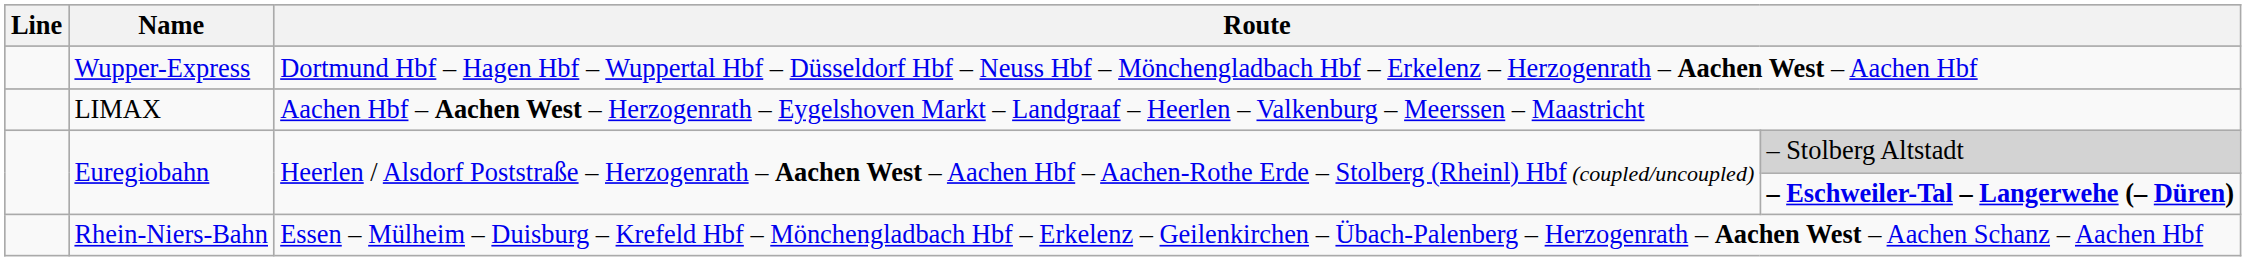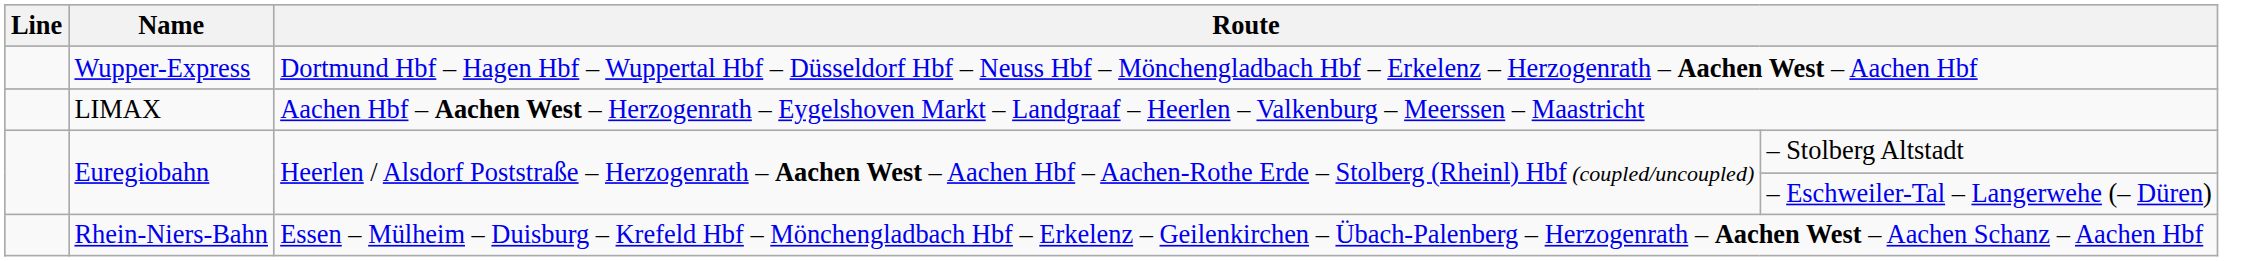 <table class="wikitable">
 <tr>
 <th>Line</th>
 <th>Name</th>
 <th colspan="3">Route</th>
 </tr>
 <tr>
 <td></td>
 <td><a href='#'>Wupper-Express</a></td>
 <td colspan="2"><a href='#'>Dortmund Hbf</a> – <a href='#'>Hagen Hbf</a> – <a href='#'>Wuppertal Hbf</a> – <a href='#'>Düsseldorf Hbf</a> – <a href='#'>Neuss Hbf</a> – <a href='#'>Mönchengladbach Hbf</a> – <a href='#'>Erkelenz</a> – <a href='#'>Herzogenrath</a> – <strong>Aachen West</strong> – <a href='#'>Aachen Hbf</a></td>
 </tr>
 <tr>
 <td></td>
 <td>LIMAX</td>
 <td colspan="2"><a href='#'>Aachen Hbf</a> – <strong>Aachen West</strong> – <a href='#'>Herzogenrath</a> – <a href='#'>Eygelshoven Markt</a> – <a href='#'>Landgraaf</a> – <a href='#'>Heerlen</a> – <a href='#'>Valkenburg</a> – <a href='#'>Meerssen</a> – <a href='#'>Maastricht</a></td>
 </tr>
 <tr>
 <td rowspan="2"></td>
 <td rowspan="2"><a href='#'>Euregiobahn</a></td>
 <td rowspan="2"><a href='#'>Heerlen</a> / <a href='#'>Alsdorf Poststraße</a> – <a href='#'>Herzogenrath</a> – <strong>Aachen West</strong> – <a href='#'>Aachen Hbf</a> – <a href='#'>Aachen-Rothe Erde</a> – <a href='#'>Stolberg (Rheinl) Hbf</a><small> <em>(coupled/uncoupled)</em></small></td>
-<td style="background: lightgrey;">– Stolberg Altstadt</td>
+<td>– Stolberg Altstadt</td>
 </tr>
 <tr>
-<td><strong>– <a href='#'>Eschweiler-Tal</a> – <a href='#'>Langerwehe</a> (– <a href='#'>Düren</a>)</strong></td>
+<td>– <a href='#'>Eschweiler-Tal</a> – <a href='#'>Langerwehe</a> (– <a href='#'>Düren</a>)</td>
 </tr>
 <tr>
 <td></td>
 <td><a href='#'>Rhein-Niers-Bahn</a></td>
 <td colspan="2"><a href='#'>Essen</a> – <a href='#'>Mülheim</a> – <a href='#'>Duisburg</a> – <a href='#'>Krefeld Hbf</a> – <a href='#'>Mönchengladbach Hbf</a> – <a href='#'>Erkelenz</a> – <a href='#'>Geilenkirchen</a> – <a href='#'>Übach-Palenberg</a> – <a href='#'>Herzogenrath</a> – <strong>Aachen West</strong> – <a href='#'>Aachen Schanz</a> – <a href='#'>Aachen Hbf</a></td>
 </tr>
 </table>
